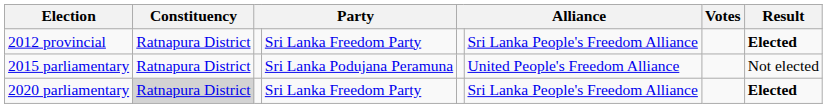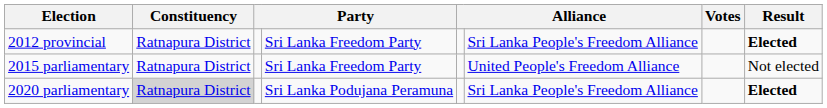 <table class="wikitable" style="text-align:left;">
 <tr>
 <th scope=col>Election</th>
 <th scope=col>Constituency</th>
 <th scope=col colspan="2">Party</th>
 <th scope=col colspan="2">Alliance</th>
 <th scope=col>Votes</th>
 <th scope=col>Result</th>
 </tr>
 <tr>
 <td><a href='#'>2012 provincial</a></td>
 <td><a href='#'>Ratnapura District</a></td>
 <td style="background:"></td>
 <td><a href='#'>Sri Lanka Freedom Party</a></td>
 <td style="background:"></td>
 <td><a href='#'>Sri Lanka People's Freedom Alliance</a></td>
 <td align=right></td>
 <td><strong>Elected</strong></td>
 </tr>
 <tr>
 <td><a href='#'>2015 parliamentary</a></td>
 <td><a href='#'>Ratnapura District</a></td>
 <td style="background:"></td>
-<td><a href='#'>Sri Lanka Podujana Peramuna</a></td>
+<td><a href='#'>Sri Lanka Freedom Party</a></td>
 <td style="background:"></td>
 <td><a href='#'>United People's Freedom Alliance</a></td>
 <td align=right></td>
 <td>Not elected</td>
 </tr>
 <tr>
 <td><a href='#'>2020 parliamentary</a></td>
 <td style="background: lightgrey;"><a href='#'>Ratnapura District</a></td>
 <td style="background:"></td>
-<td><a href='#'>Sri Lanka Freedom Party</a></td>
+<td><a href='#'>Sri Lanka Podujana Peramuna</a></td>
 <td style="background:"></td>
 <td><a href='#'>Sri Lanka People's Freedom Alliance</a></td>
 <td align=right></td>
 <td><strong>Elected</strong></td>
 </tr>
 </table>
